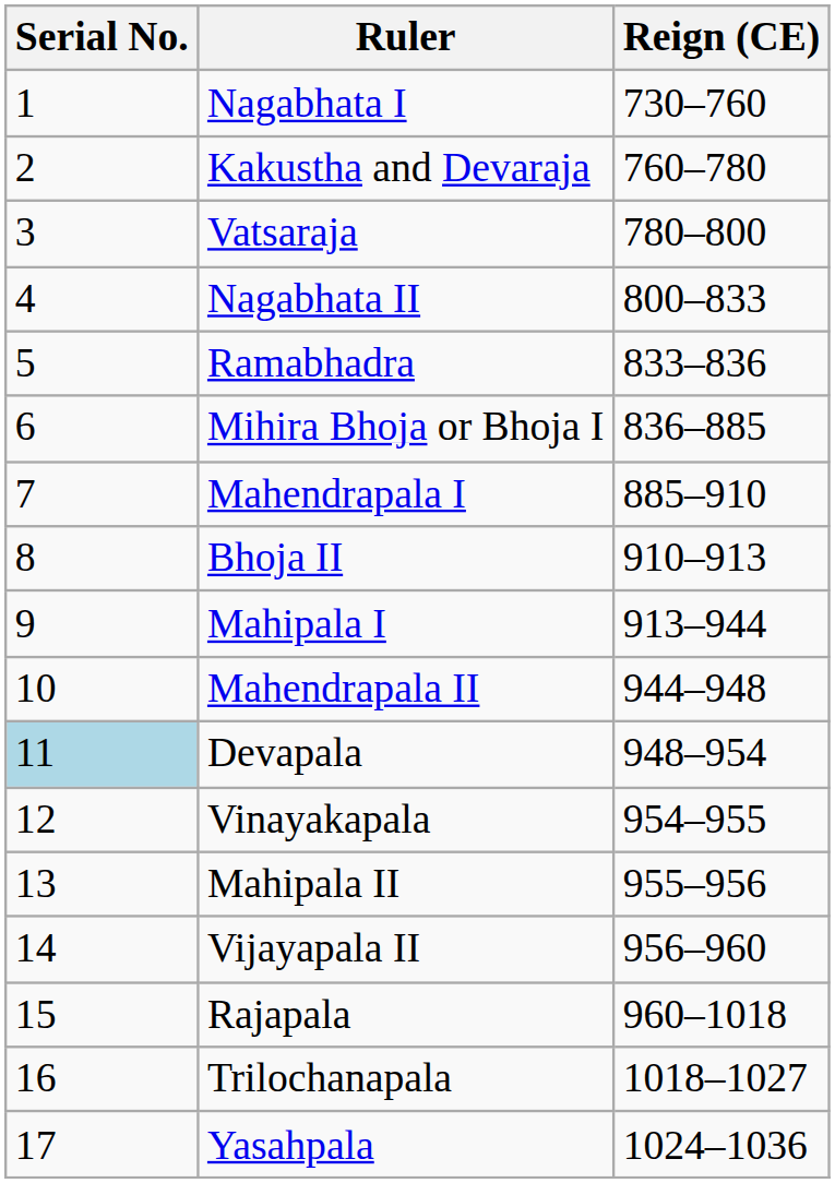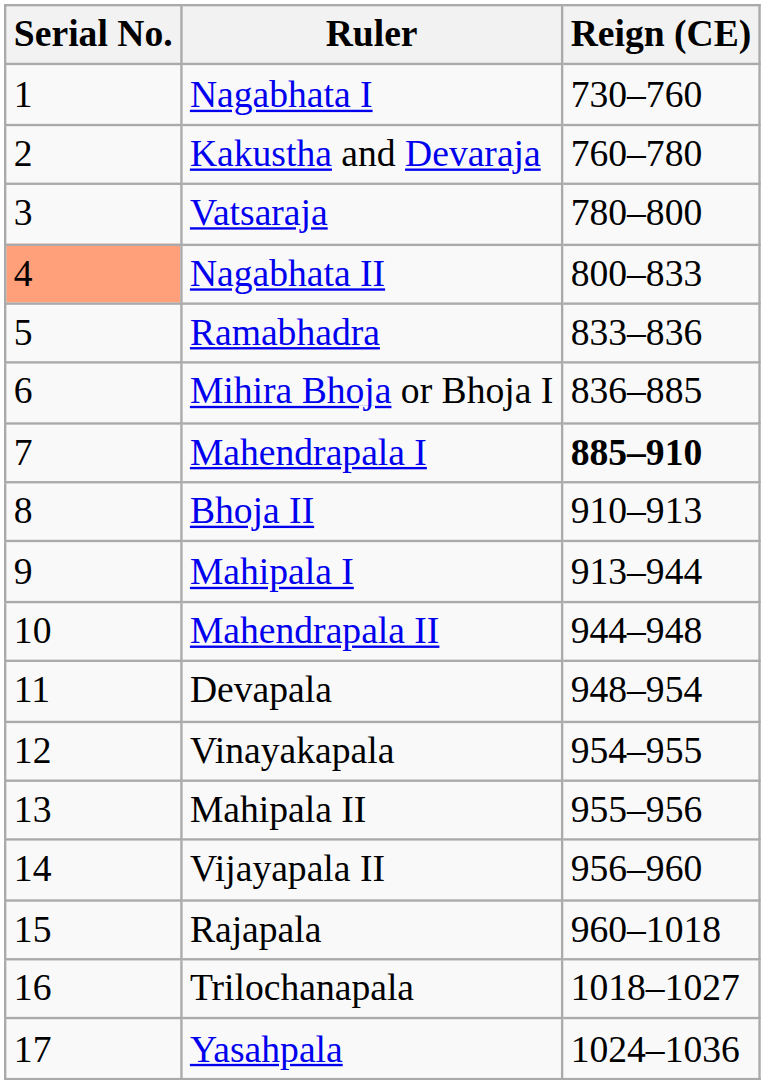 <table class="wikitable">
 <tr>
 <th>Serial No.</th>
 <th>Ruler</th>
 <th>Reign (CE)</th>
 </tr>
 <tr>
 <td>1</td>
 <td><a href='#'>Nagabhata I</a></td>
 <td>730–760</td>
 </tr>
 <tr>
 <td>2</td>
 <td><a href='#'>Kakustha</a> and <a href='#'>Devaraja</a></td>
 <td>760–780</td>
 </tr>
 <tr>
 <td>3</td>
 <td><a href='#'>Vatsaraja</a></td>
 <td>780–800</td>
 </tr>
 <tr>
-<td>4</td>
+<td style="background: lightsalmon;">4</td>
 <td><a href='#'>Nagabhata II</a></td>
 <td>800–833</td>
 </tr>
 <tr>
 <td>5</td>
 <td><a href='#'>Ramabhadra</a></td>
 <td>833–836</td>
 </tr>
 <tr>
 <td>6</td>
 <td><a href='#'>Mihira Bhoja</a> or Bhoja I</td>
 <td>836–885</td>
 </tr>
 <tr>
 <td>7</td>
 <td><a href='#'>Mahendrapala I</a></td>
-<td>885–910</td>
+<td><strong>885–910</strong></td>
 </tr>
 <tr>
 <td>8</td>
 <td><a href='#'>Bhoja II</a></td>
 <td>910–913</td>
 </tr>
 <tr>
 <td>9</td>
 <td><a href='#'>Mahipala I</a></td>
 <td>913–944</td>
 </tr>
 <tr>
 <td>10</td>
 <td><a href='#'>Mahendrapala II</a></td>
 <td>944–948</td>
 </tr>
 <tr>
-<td style="background: lightblue;">11</td>
+<td>11</td>
 <td>Devapala</td>
 <td>948–954</td>
 </tr>
 <tr>
 <td>12</td>
 <td>Vinayakapala</td>
 <td>954–955</td>
 </tr>
 <tr>
 <td>13</td>
 <td>Mahipala II</td>
 <td>955–956</td>
 </tr>
 <tr>
 <td>14</td>
 <td>Vijayapala II</td>
 <td>956–960</td>
 </tr>
 <tr>
 <td>15</td>
 <td>Rajapala</td>
 <td>960–1018</td>
 </tr>
 <tr>
 <td>16</td>
 <td>Trilochanapala</td>
 <td>1018–1027</td>
 </tr>
 <tr>
 <td>17</td>
 <td><a href='#'>Yasahpala</a></td>
 <td>1024–1036</td>
 </tr>
 <tr>
 </tr>
 </table>
